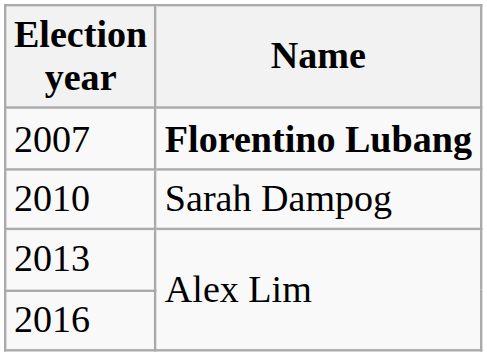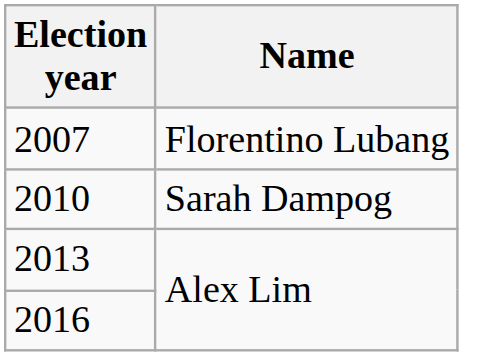 <table class=wikitable>
 <tr>
 <th>Election<br>year</th>
 <th>Name</th>
 </tr>
 <tr>
 <td>2007</td>
-<td><strong>Florentino Lubang</strong></td>
+<td>Florentino Lubang</td>
 </tr>
 <tr>
 <td>2010</td>
 <td>Sarah Dampog</td>
 </tr>
 <tr>
 <td>2013</td>
 <td rowspan=2>Alex Lim</td>
 </tr>
 <tr>
 <td>2016</td>
 </tr>
 </table>
